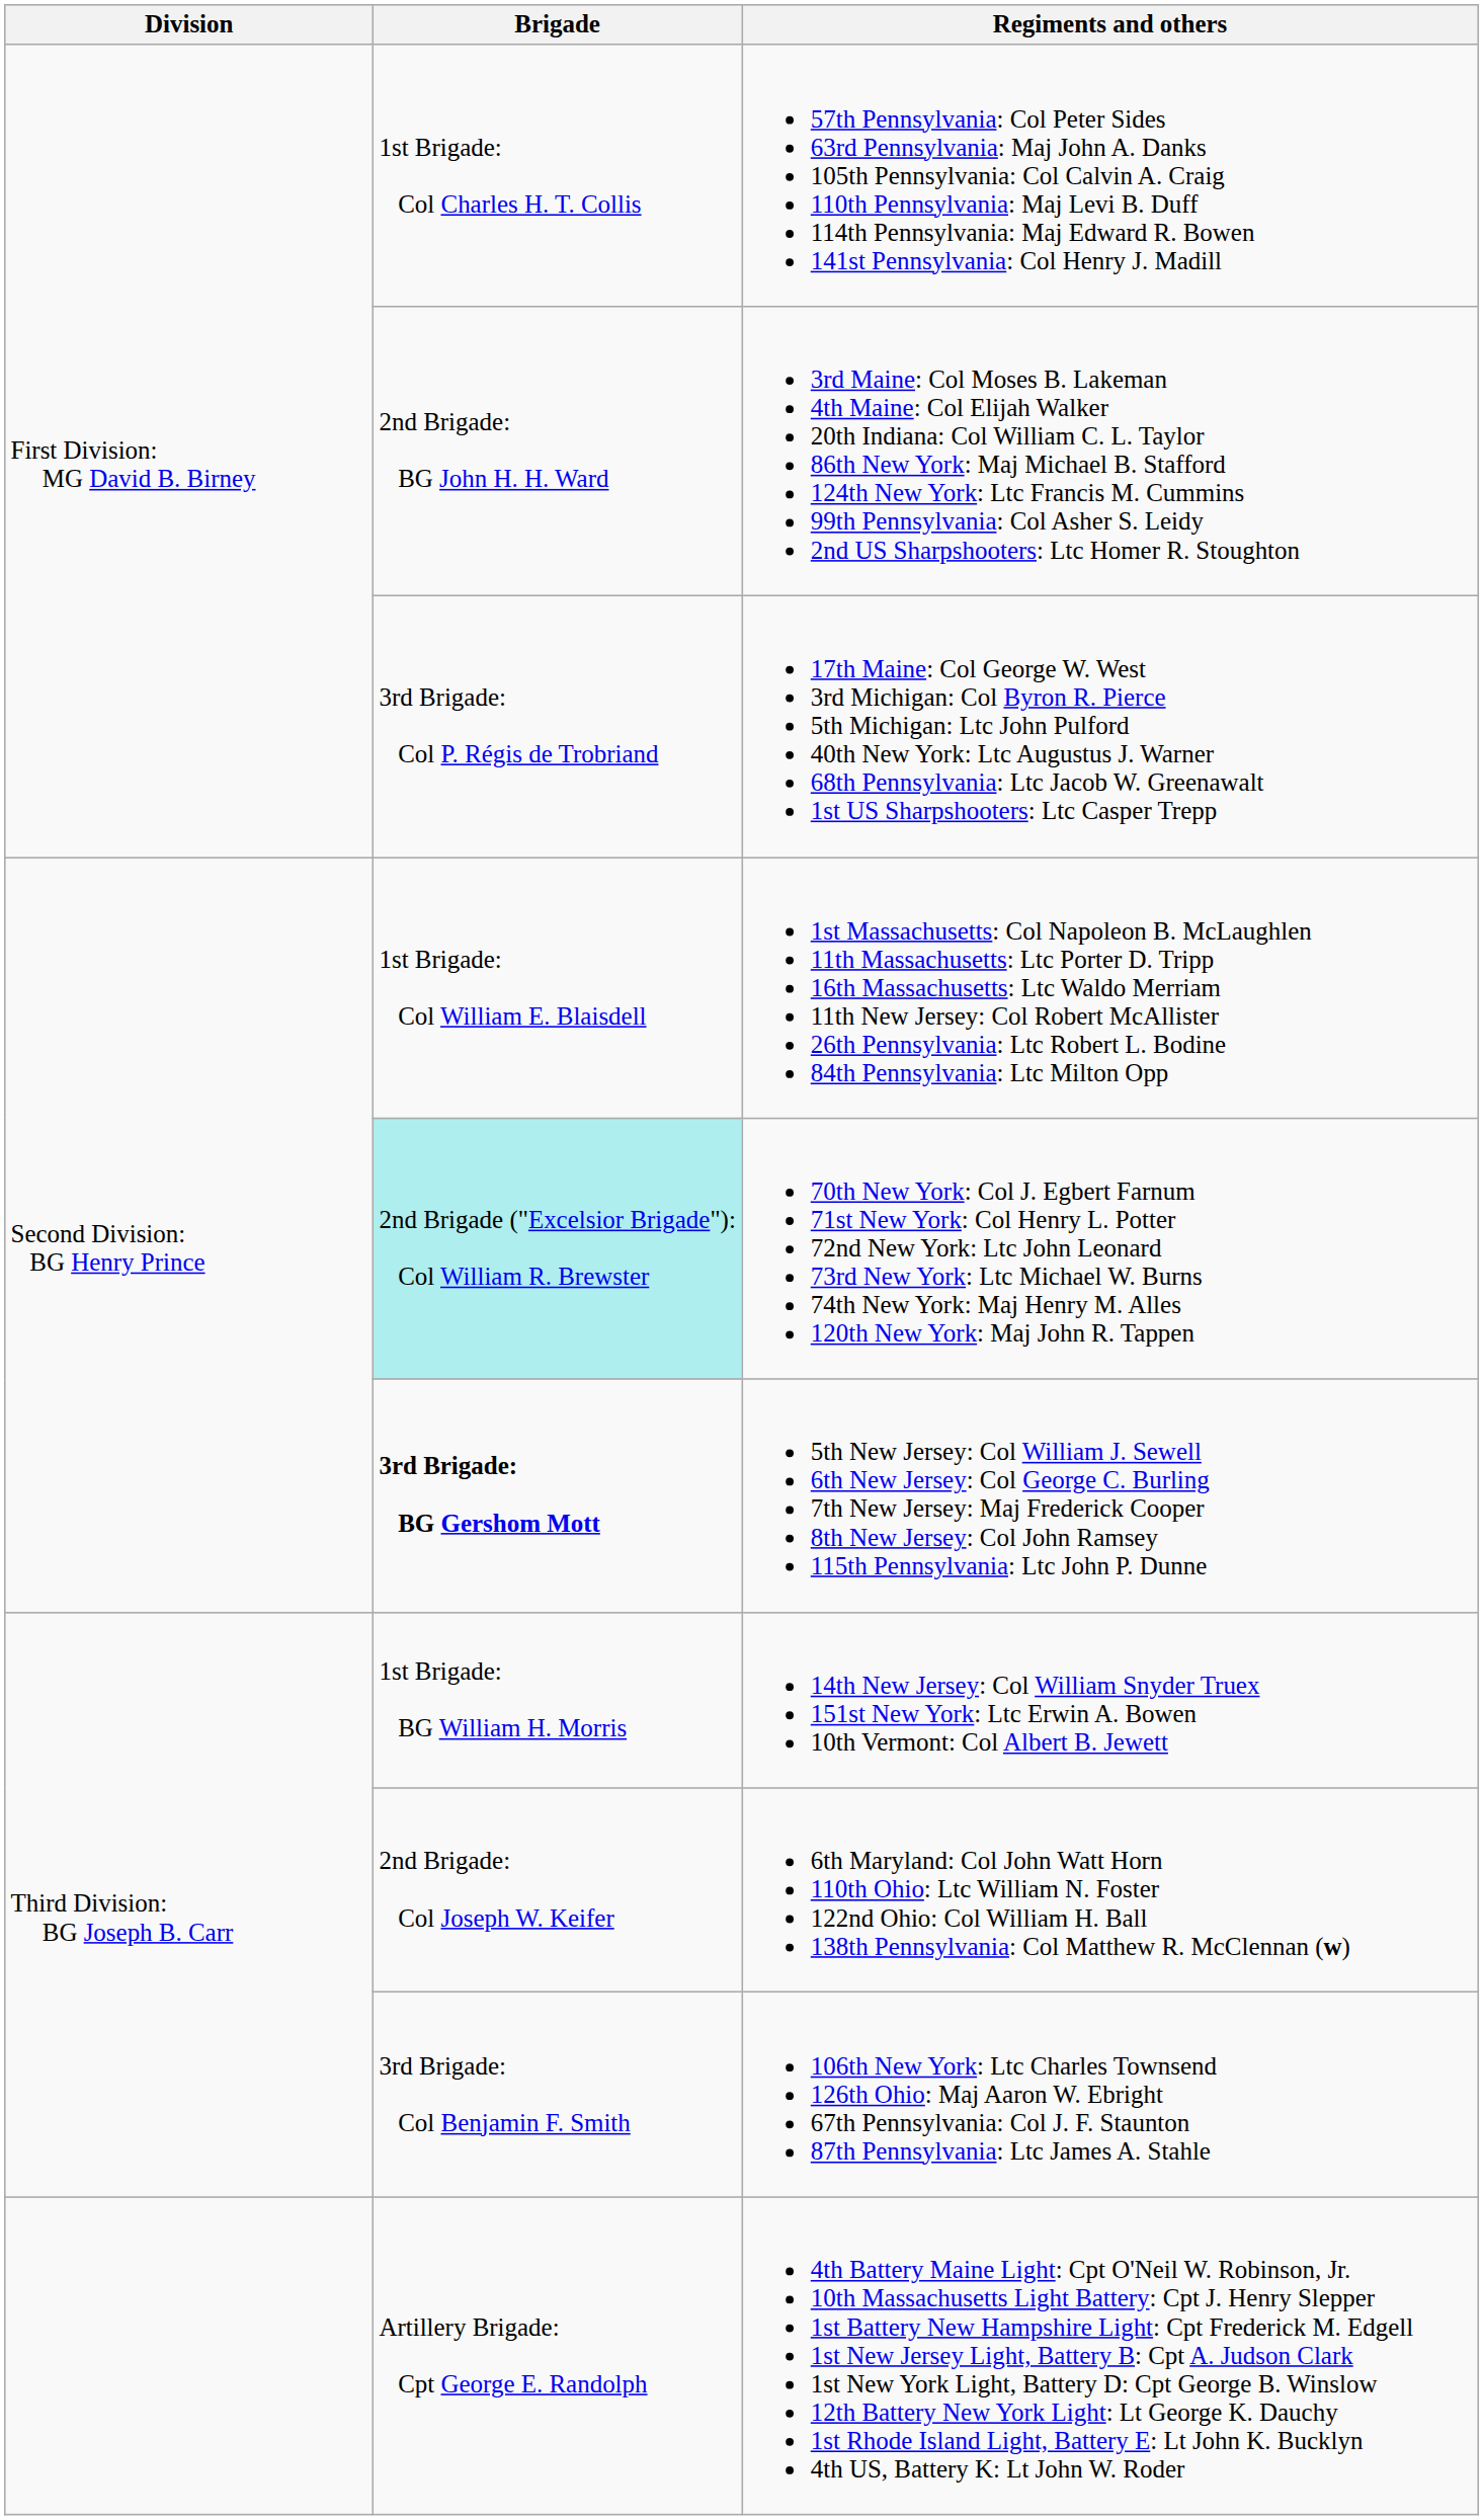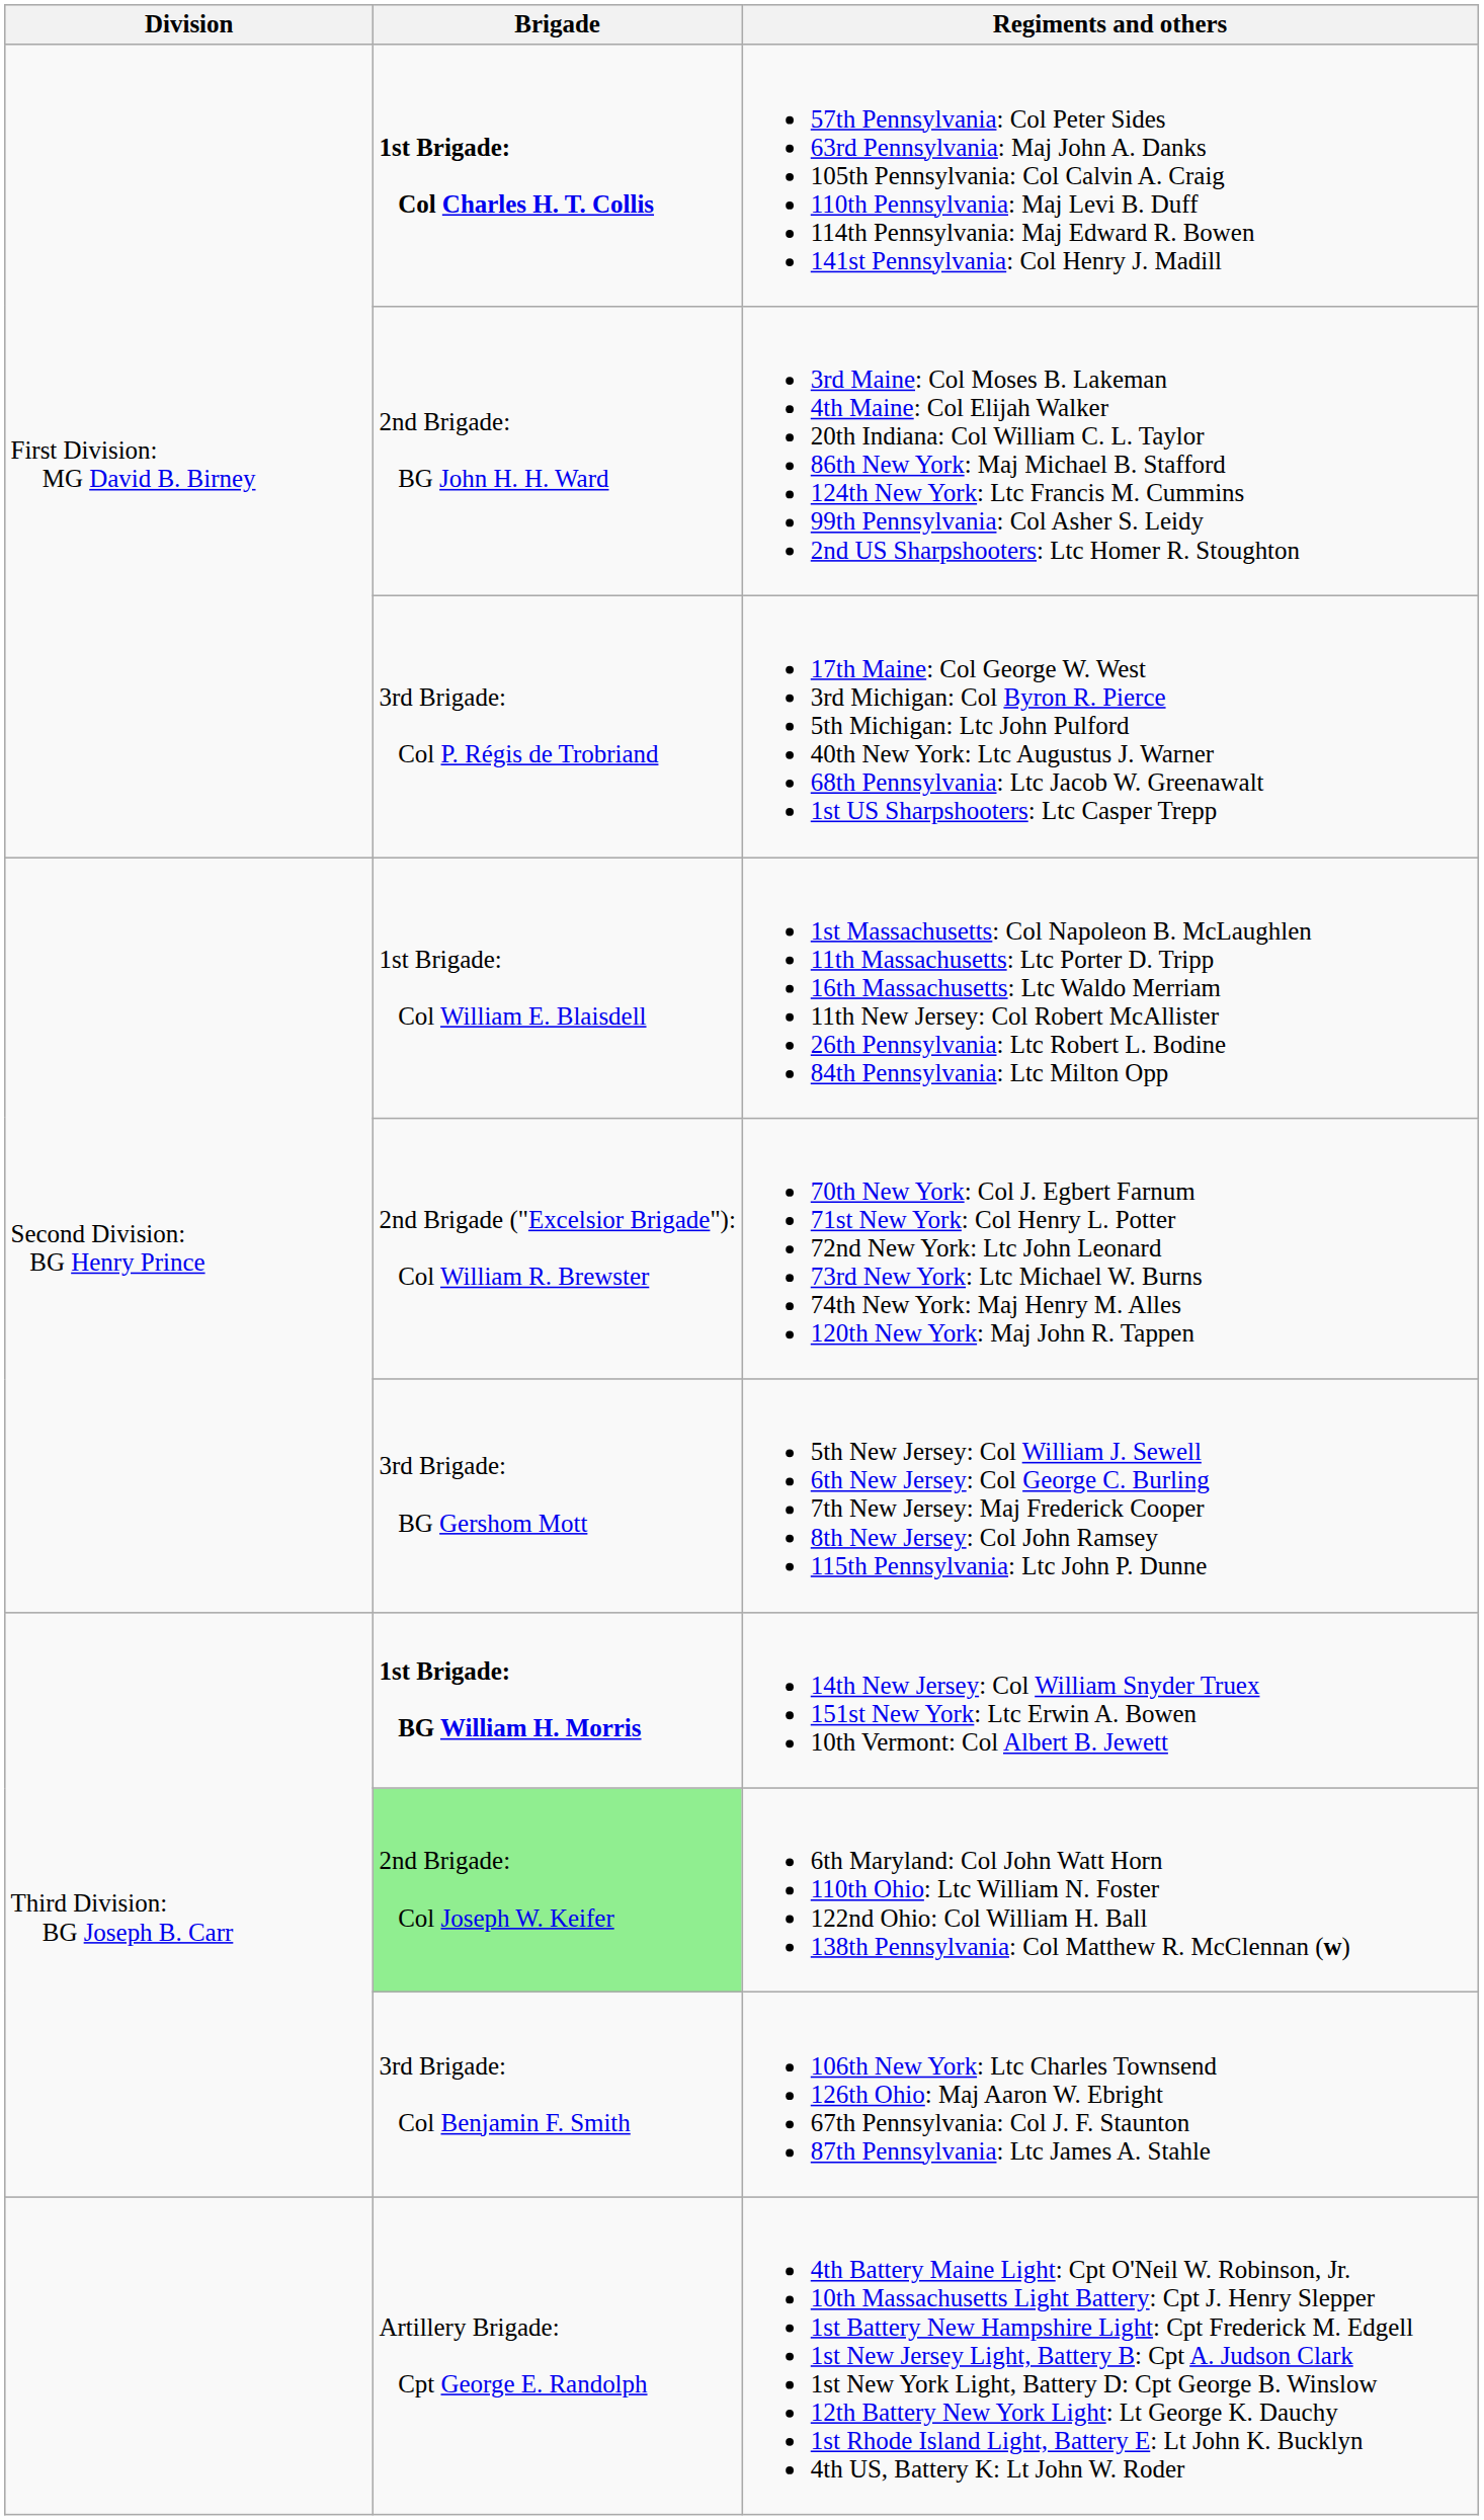 <table class="wikitable">
 <tr>
 <th width=25%>Division</th>
 <th width=25%>Brigade</th>
 <th>Regiments and others</th>
 </tr>
 <tr>
 <td rowspan=3><br>First Division: <br>     MG <a href='#'>David B. Birney</a></td>
-<td>1st Brigade:<br><br>   Col <a href='#'>Charles H. T. Collis</a></td>
+<td><strong>1st Brigade:<br><br>   Col <a href='#'>Charles H. T. Collis</a></strong></td>
 <td><br><ul><li><a href='#'>57th Pennsylvania</a>: Col Peter Sides</li><li><a href='#'>63rd Pennsylvania</a>: Maj John A. Danks</li><li>105th Pennsylvania: Col Calvin A. Craig</li><li><a href='#'>110th Pennsylvania</a>: Maj Levi B. Duff</li><li>114th Pennsylvania: Maj Edward R. Bowen</li><li><a href='#'>141st Pennsylvania</a>: Col Henry J. Madill</li></ul></td>
 </tr>
 <tr>
 <td>2nd Brigade:<br><br>   BG <a href='#'>John H. H. Ward</a></td>
 <td><br><ul><li><a href='#'>3rd Maine</a>: Col Moses B. Lakeman</li><li><a href='#'>4th Maine</a>: Col Elijah Walker</li><li>20th Indiana: Col William C. L. Taylor</li><li><a href='#'>86th New York</a>: Maj Michael B. Stafford</li><li><a href='#'>124th New York</a>: Ltc Francis M. Cummins</li><li><a href='#'>99th Pennsylvania</a>: Col Asher S. Leidy</li><li><a href='#'>2nd US Sharpshooters</a>: Ltc Homer R. Stoughton</li></ul></td>
 </tr>
 <tr>
 <td>3rd Brigade:<br><br>   Col <a href='#'>P. Régis de Trobriand</a></td>
 <td><br><ul><li><a href='#'>17th Maine</a>: Col George W. West</li><li>3rd Michigan: Col <a href='#'>Byron R. Pierce</a></li><li>5th Michigan: Ltc John Pulford</li><li>40th New York: Ltc Augustus J. Warner</li><li><a href='#'>68th Pennsylvania</a>: Ltc Jacob W. Greenawalt</li><li><a href='#'>1st US Sharpshooters</a>: Ltc Casper Trepp</li></ul></td>
 </tr>
 <tr>
 <td rowspan=3><br>Second Division: <br>   BG <a href='#'>Henry Prince</a></td>
 <td>1st Brigade:<br><br>   Col <a href='#'>William E. Blaisdell</a></td>
 <td><br><ul><li><a href='#'>1st Massachusetts</a>: Col Napoleon B. McLaughlen</li><li><a href='#'>11th Massachusetts</a>: Ltc Porter D. Tripp</li><li><a href='#'>16th Massachusetts</a>: Ltc Waldo Merriam</li><li>11th New Jersey: Col Robert McAllister</li><li><a href='#'>26th Pennsylvania</a>: Ltc Robert L. Bodine</li><li><a href='#'>84th Pennsylvania</a>: Ltc Milton Opp</li></ul></td>
 </tr>
 <tr>
-<td style="background: paleturquoise;">2nd Brigade ("<a href='#'>Excelsior Brigade</a>"):<br><br>   Col <a href='#'>William R. Brewster</a></td>
+<td>2nd Brigade ("<a href='#'>Excelsior Brigade</a>"):<br><br>   Col <a href='#'>William R. Brewster</a></td>
 <td><br><ul><li><a href='#'>70th New York</a>: Col J. Egbert Farnum</li><li><a href='#'>71st New York</a>: Col Henry L. Potter</li><li>72nd New York: Ltc John Leonard</li><li><a href='#'>73rd New York</a>: Ltc Michael W. Burns</li><li>74th New York: Maj Henry M. Alles</li><li><a href='#'>120th New York</a>: Maj John R. Tappen</li></ul></td>
 </tr>
 <tr>
-<td><strong>3rd Brigade:<br><br>   BG <a href='#'>Gershom Mott</a></strong></td>
+<td>3rd Brigade:<br><br>   BG <a href='#'>Gershom Mott</a></td>
 <td><br><ul><li>5th New Jersey: Col <a href='#'>William J. Sewell</a></li><li><a href='#'>6th New Jersey</a>: Col <a href='#'>George C. Burling</a></li><li>7th New Jersey: Maj Frederick Cooper</li><li><a href='#'>8th New Jersey</a>: Col John Ramsey</li><li><a href='#'>115th Pennsylvania</a>: Ltc John P. Dunne</li></ul></td>
 </tr>
 <tr>
 <td rowspan=3><br>Third Division: <br>     BG <a href='#'>Joseph B. Carr</a></td>
-<td>1st Brigade:<br><br>   BG <a href='#'>William H. Morris</a></td>
+<td><strong>1st Brigade:<br><br>   BG <a href='#'>William H. Morris</a></strong></td>
 <td><br><ul><li><a href='#'>14th New Jersey</a>: Col <a href='#'>William Snyder Truex</a></li><li><a href='#'>151st New York</a>: Ltc Erwin A. Bowen</li><li>10th Vermont: Col <a href='#'>Albert B. Jewett</a></li></ul></td>
 </tr>
 <tr>
-<td>2nd Brigade:<br><br>   Col <a href='#'>Joseph W. Keifer</a></td>
+<td style="background: lightgreen;">2nd Brigade:<br><br>   Col <a href='#'>Joseph W. Keifer</a></td>
 <td><br><ul><li>6th Maryland: Col John Watt Horn</li><li><a href='#'>110th Ohio</a>: Ltc William N. Foster</li><li>122nd Ohio:  Col William H. Ball</li><li><a href='#'>138th Pennsylvania</a>: Col Matthew R. McClennan (<strong>w</strong>)</li></ul></td>
 </tr>
 <tr>
 <td>3rd Brigade:<br><br>   Col <a href='#'>Benjamin F. Smith</a></td>
 <td><br><ul><li><a href='#'>106th New York</a>: Ltc Charles Townsend</li><li><a href='#'>126th Ohio</a>: Maj Aaron W. Ebright</li><li>67th Pennsylvania: Col J. F. Staunton</li><li><a href='#'>87th Pennsylvania</a>: Ltc James A. Stahle</li></ul></td>
 </tr>
 <tr>
 <td></td>
 <td>Artillery Brigade:<br><br>   Cpt <a href='#'>George E. Randolph</a></td>
 <td><br><ul><li><a href='#'>4th Battery Maine Light</a>: Cpt O'Neil W. Robinson, Jr.</li><li><a href='#'>10th Massachusetts Light Battery</a>: Cpt J. Henry Slepper</li><li><a href='#'>1st Battery New Hampshire Light</a>: Cpt Frederick M. Edgell</li><li><a href='#'>1st New Jersey Light, Battery B</a>: Cpt <a href='#'>A. Judson Clark</a></li><li>1st New York Light, Battery D: Cpt George B. Winslow</li><li><a href='#'>12th Battery New York Light</a>: Lt George K. Dauchy</li><li><a href='#'>1st Rhode Island Light, Battery E</a>: Lt John K. Bucklyn</li><li>4th US, Battery K: Lt John W. Roder</li></ul></td>
 </tr>
 </table>
